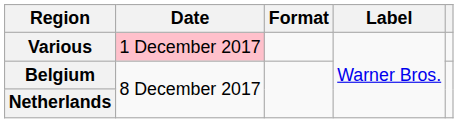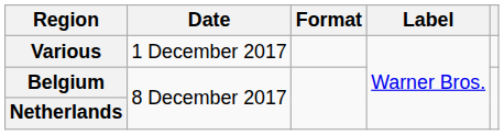 <table class="wikitable plainrowheaders">
 <tr>
 <th scope="col">Region</th>
 <th scope="col">Date</th>
 <th scope="col">Format</th>
 <th scope="col">Label</th>
 <th scope="col"></th>
 </tr>
 <tr>
 <th scope="row">Various</th>
-<td style="background: pink;">1 December 2017</td>
+<td>1 December 2017</td>
 <td></td>
 <td rowspan="3"><a href='#'>Warner Bros.</a></td>
 <td style="text-align:center;"></td>
 </tr>
 <tr>
 <th scope="row">Belgium</th>
 <td rowspan="2">8 December 2017</td>
 <td rowspan="2"></td>
 <td style="text-align:center;" rowspan="2"></td>
 </tr>
 <tr>
 <th scope="row">Netherlands</th>
 </tr>
 </table>
